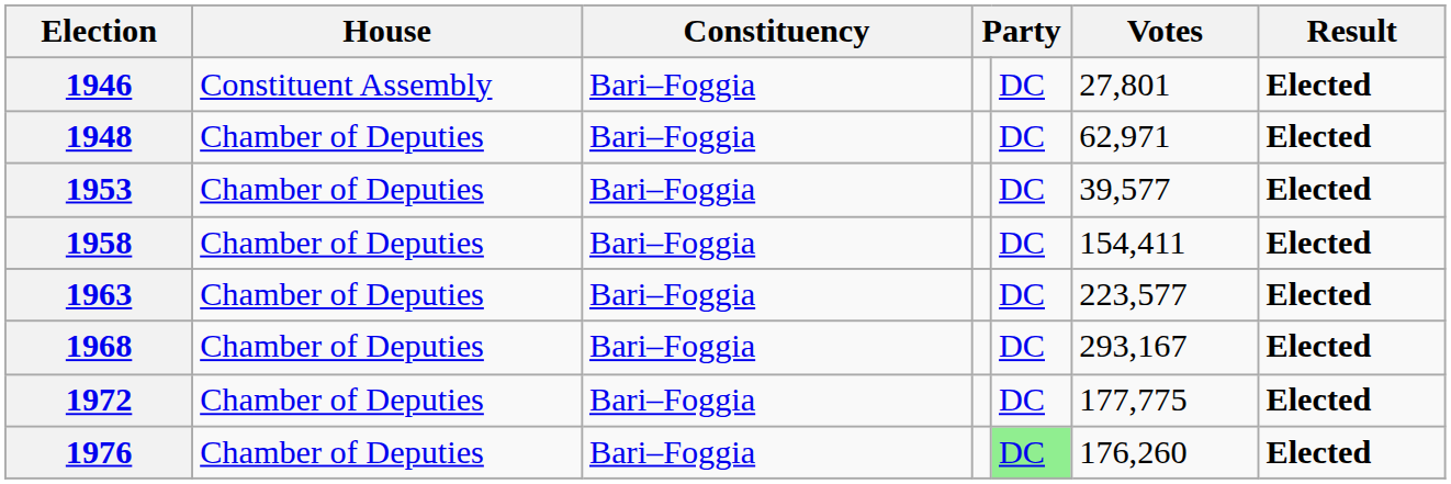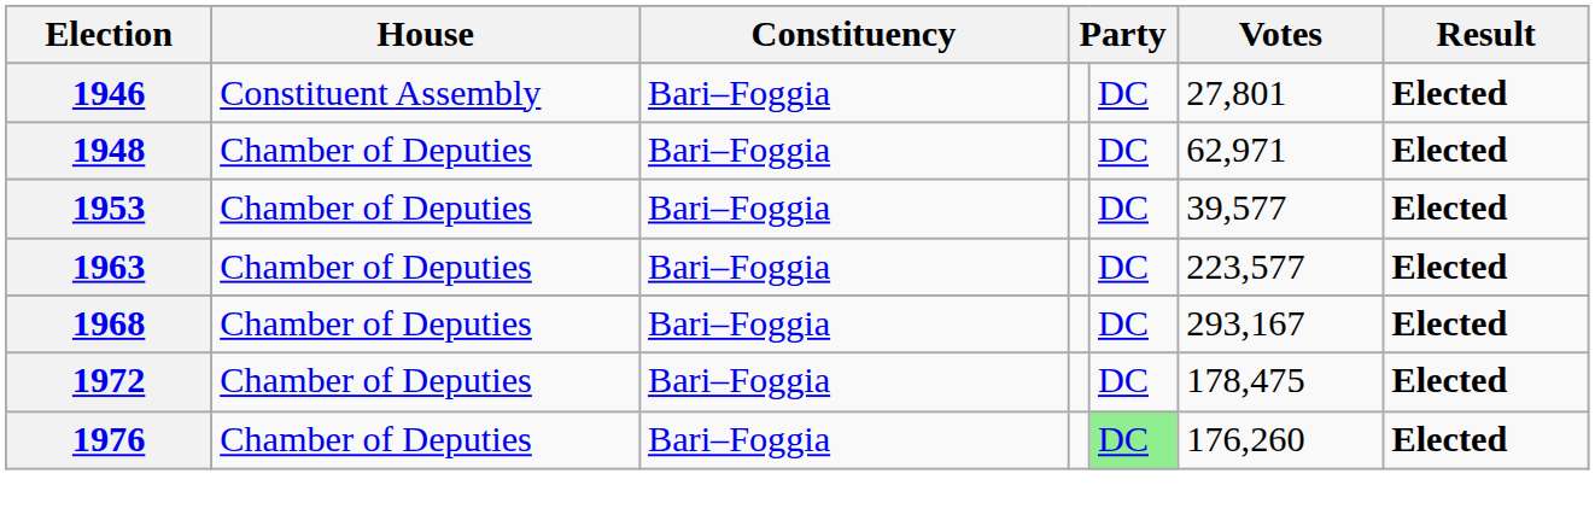 <table class=wikitable style="width:55%; border:1px #AAAAFF solid">
 <tr>
 <th width=12%>Election</th>
 <th width=25%>House</th>
 <th width=25%>Constituency</th>
 <th width=5% colspan="2">Party</th>
 <th width=12%>Votes</th>
 <th width=12%>Result</th>
 </tr>
 <tr>
 <th><a href='#'>1946</a></th>
 <td><a href='#'>Constituent Assembly</a></td>
 <td><a href='#'>Bari–Foggia</a></td>
 <td></td>
 <td><a href='#'>DC</a></td>
 <td>27,801</td>
 <td> <strong>Elected</strong></td>
 </tr>
 <tr>
 <th><a href='#'>1948</a></th>
 <td><a href='#'>Chamber of Deputies</a></td>
 <td><a href='#'>Bari–Foggia</a></td>
 <td></td>
 <td><a href='#'>DC</a></td>
 <td>62,971</td>
 <td> <strong>Elected</strong></td>
 </tr>
 <tr>
 <th><a href='#'>1953</a></th>
 <td><a href='#'>Chamber of Deputies</a></td>
 <td><a href='#'>Bari–Foggia</a></td>
 <td></td>
 <td><a href='#'>DC</a></td>
 <td>39,577</td>
 <td> <strong>Elected</strong></td>
 </tr>
 <tr>
-<th><a href='#'>1958</a></th>
-<td><a href='#'>Chamber of Deputies</a></td>
-<td><a href='#'>Bari–Foggia</a></td>
-<td></td>
-<td><a href='#'>DC</a></td>
-<td>154,411</td>
-<td> <strong>Elected</strong></td>
-</tr>
-<tr>
 <th><a href='#'>1963</a></th>
 <td><a href='#'>Chamber of Deputies</a></td>
 <td><a href='#'>Bari–Foggia</a></td>
 <td></td>
 <td><a href='#'>DC</a></td>
 <td>223,577</td>
 <td> <strong>Elected</strong></td>
 </tr>
 <tr>
 <th><a href='#'>1968</a></th>
 <td><a href='#'>Chamber of Deputies</a></td>
 <td><a href='#'>Bari–Foggia</a></td>
 <td></td>
 <td><a href='#'>DC</a></td>
 <td>293,167</td>
 <td> <strong>Elected</strong></td>
 </tr>
 <tr>
 <th><a href='#'>1972</a></th>
 <td><a href='#'>Chamber of Deputies</a></td>
 <td><a href='#'>Bari–Foggia</a></td>
 <td></td>
 <td><a href='#'>DC</a></td>
-<td>177,775</td>
+<td>178,475</td>
 <td> <strong>Elected</strong></td>
 </tr>
 <tr>
 <th><a href='#'>1976</a></th>
 <td><a href='#'>Chamber of Deputies</a></td>
 <td><a href='#'>Bari–Foggia</a></td>
 <td></td>
 <td style="background: lightgreen;"><a href='#'>DC</a></td>
 <td>176,260</td>
 <td> <strong>Elected</strong></td>
 </tr>
 </table>
